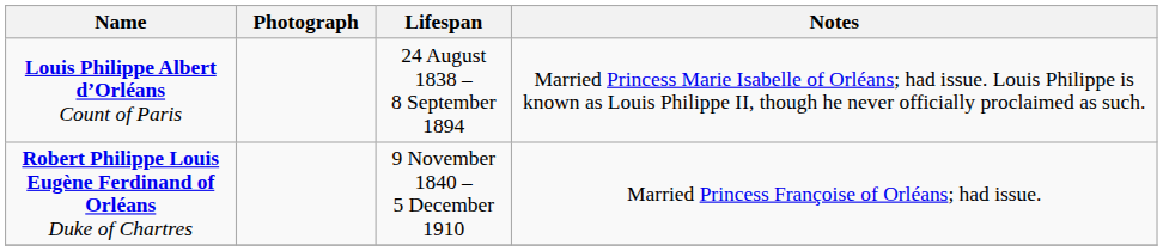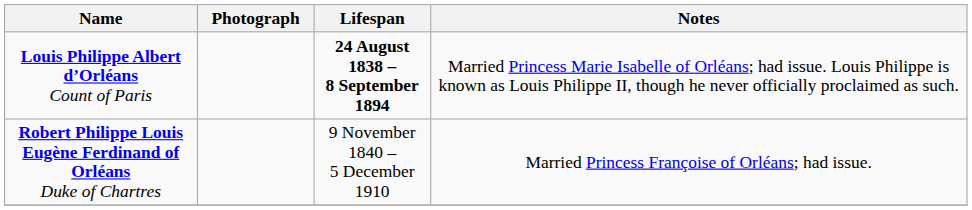 <table style="text-align:center; width:100%" class="wikitable">
 <tr>
 <th width=20%>Name</th>
 <th width=100px>Photograph</th>
 <th>Lifespan</th>
 <th>Notes</th>
 </tr>
 <tr>
 <td><strong><a href='#'>Louis Philippe Albert d’Orléans</a></strong><br> <em>Count of Paris</em></td>
 <td></td>
-<td>24 August 1838 –<br> 8 September 1894</td>
+<td><strong>24 August 1838 –<br> 8 September 1894</strong></td>
 <td>Married <a href='#'>Princess Marie Isabelle of Orléans</a>; had issue. Louis Philippe is known as Louis Philippe II, though he never officially proclaimed as such.</td>
 </tr>
 <tr>
 <td><strong><a href='#'>Robert Philippe Louis Eugène Ferdinand of Orléans</a></strong><br><em>Duke of Chartres</em></td>
 <td></td>
 <td>9 November 1840 –<br> 5 December 1910</td>
 <td>Married <a href='#'>Princess Françoise of Orléans</a>; had issue.</td>
 </tr>
 <tr>
 </tr>
 </table>
